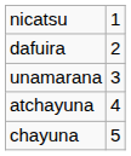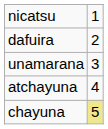 <table class="wikitable">
 <tr>
 <td>nicatsu</td>
 <td>1</td>
 </tr>
 <tr>
 <td>dafuira</td>
 <td>2</td>
 </tr>
 <tr>
 <td>unamarana</td>
 <td>3</td>
 </tr>
 <tr>
 <td>atchayuna</td>
 <td>4</td>
 </tr>
 <tr>
 <td>chayuna</td>
-<td>5</td>
+<td style="background: khaki;">5</td>
 </tr>
 </table>
